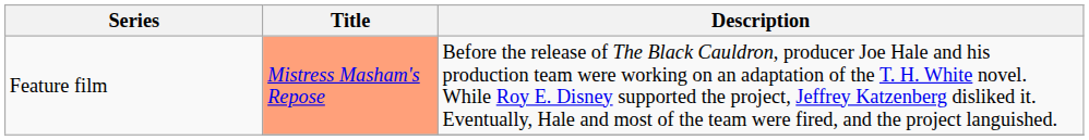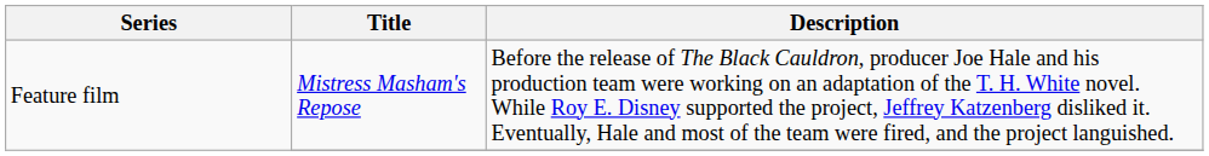 <table class="wikitable">
 <tr>
 <th style="width:150pt;">Series</th>
 <th style="width:100pt;">Title</th>
 <th>Description</th>
 </tr>
 <tr>
 <td rowspan="2">Feature film</td>
-<td style="background: lightsalmon;"><em><a href='#'>Mistress Masham's Repose</a></em></td>
+<td><em><a href='#'>Mistress Masham's Repose</a></em></td>
 <td>Before the release of <em>The Black Cauldron</em>, producer Joe Hale and his production team were working on an adaptation of the <a href='#'>T. H. White</a> novel. While <a href='#'>Roy E. Disney</a> supported the project, <a href='#'>Jeffrey Katzenberg</a> disliked it. Eventually, Hale and most of the team were fired, and the project languished.</td>
 </tr>
 <tr>
 </tr>
 </table>
